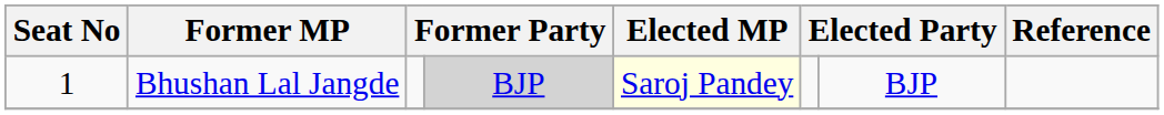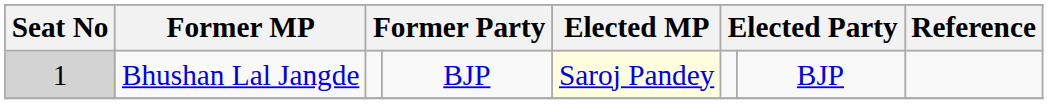 <table class="wikitable">
 <tr>
 <th>Seat No</th>
 <th>Former MP</th>
 <th colspan=2>Former Party</th>
 <th>Elected MP</th>
 <th colspan=2>Elected Party</th>
 <th>Reference</th>
 </tr>
 <tr style="text-align:center;">
-<td>1</td>
+<td style="background: lightgrey;">1</td>
 <td><a href='#'>Bhushan Lal Jangde</a></td>
 <td width="1px"></td>
-<td style="background: lightgrey;"><a href='#'>BJP</a></td>
+<td><a href='#'>BJP</a></td>
 <td style="background: lightyellow;"><a href='#'>Saroj Pandey</a></td>
 <td width="1px"></td>
 <td><a href='#'>BJP</a></td>
 <td></td>
 </tr>
 <tr>
 </tr>
 </table>
